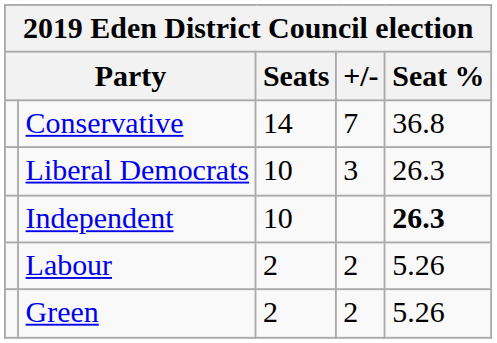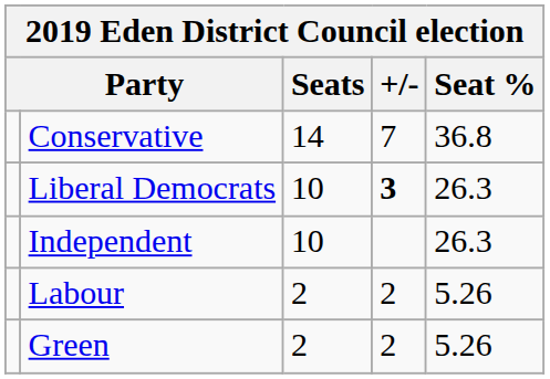 <table class="wikitable">
 <tr>
 <th colspan="5">2019 Eden District Council election</th>
 </tr>
 <tr>
 <th colspan="2">Party</th>
 <th>Seats</th>
 <th>+/-</th>
 <th>Seat %</th>
 </tr>
 <tr>
 <td style="background:"></td>
 <td><a href='#'>Conservative</a></td>
 <td>14</td>
 <td> 7</td>
 <td>36.8</td>
 </tr>
 <tr>
 <td style="background:"></td>
 <td><a href='#'>Liberal Democrats</a></td>
 <td>10</td>
-<td> 3</td>
+<td><strong> 3</strong></td>
 <td>26.3</td>
 </tr>
 <tr>
 <td style="background:"></td>
 <td><a href='#'>Independent</a></td>
 <td>10</td>
 <td></td>
-<td><strong>26.3</strong></td>
+<td>26.3</td>
 </tr>
 <tr>
 <td style="background:"></td>
 <td><a href='#'>Labour</a></td>
 <td>2</td>
 <td> 2</td>
 <td>5.26</td>
 </tr>
 <tr>
 <td style="background:"></td>
 <td><a href='#'>Green</a></td>
 <td>2</td>
 <td> 2</td>
 <td>5.26</td>
 </tr>
 </table>
